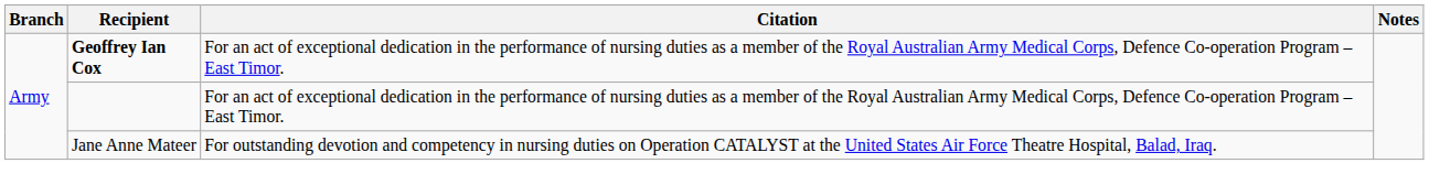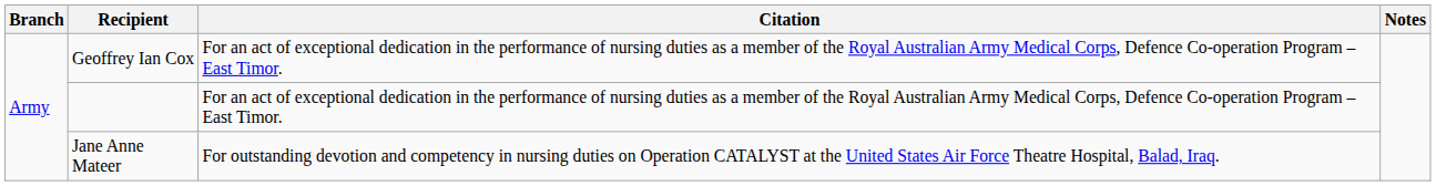 <table class="wikitable" style="font-size:95%;">
 <tr>
 <th>Branch</th>
 <th>Recipient</th>
 <th>Citation</th>
 <th>Notes</th>
 </tr>
 <tr>
 <td rowspan=3><a href='#'>Army</a></td>
-<td><strong> Geoffrey Ian Cox</strong></td>
+<td> Geoffrey Ian Cox</td>
 <td>For an act of exceptional dedication in the performance of nursing duties as a member of the <a href='#'>Royal Australian Army Medical Corps</a>, Defence Co-operation Program – <a href='#'>East Timor</a>.</td>
 <td rowspan=3></td>
 </tr>
 <tr>
 <td></td>
 <td>For an act of exceptional dedication in the performance of nursing duties as a member of the Royal Australian Army Medical Corps, Defence Co-operation Program – East Timor.</td>
 </tr>
 <tr>
 <td> Jane Anne Mateer</td>
 <td>For outstanding devotion and competency in nursing duties on Operation CATALYST at the <a href='#'>United States Air Force</a> Theatre Hospital, <a href='#'>Balad, Iraq</a>.</td>
 </tr>
 </table>
